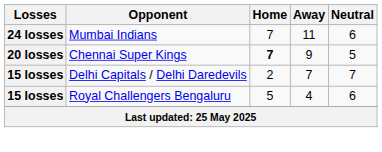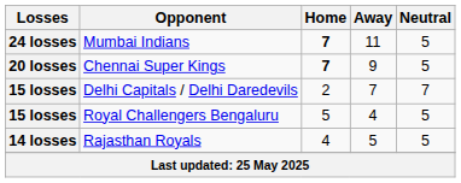 <table class="wikitable sortable" style="text-align:left;font-size:96%;">
 <tr>
 <th>Losses</th>
 <th>Opponent</th>
 <th>Home</th>
 <th>Away</th>
 <th>Neutral</th>
 </tr>
 <tr>
 <th scope=row style=text-align:center;>24 losses</th>
 <td><a href='#'>Mumbai Indians</a></td>
-<td style="text-align:center">7</td>
+<td style="text-align:center"><strong>7</strong></td>
 <td style="text-align:center">11</td>
-<td style="text-align:center">6</td>
+<td style="text-align:center">5</td>
 </tr>
 <tr>
 <th scope=row style=text-align:center;>20 losses</th>
 <td><a href='#'>Chennai Super Kings</a></td>
 <td style="text-align:center"><strong>7</strong></td>
 <td style="text-align:center">9</td>
 <td style="text-align:center">5</td>
 </tr>
 <tr>
 <th scope=row style=text-align:center;>15 losses</th>
 <td><a href='#'>Delhi Capitals</a> / <a href='#'>Delhi Daredevils</a></td>
 <td style="text-align:center">2</td>
 <td style="text-align:center">7</td>
 <td style="text-align:center">7</td>
 </tr>
 <tr>
 <th scope=row style=text-align:center;>15 losses</th>
 <td><a href='#'>Royal Challengers Bengaluru</a></td>
 <td style="text-align:center">5</td>
 <td style="text-align:center">4</td>
-<td style="text-align:center">6</td>
+<td style="text-align:center">5</td>
+</tr>
+<tr>
+<th scope=row style=text-align:center;>14 losses</th>
+<td><a href='#'>Rajasthan Royals</a></td>
+<td style="text-align:center">4</td>
+<td style="text-align:center">5</td>
+<td style="text-align:center">5</td>
 </tr>
 <tr>
 </tr>
 <tr class="sortbottom">
 <th colspan="5"><small>Last updated: 25 May 2025</small></th>
 </tr>
 </table>
